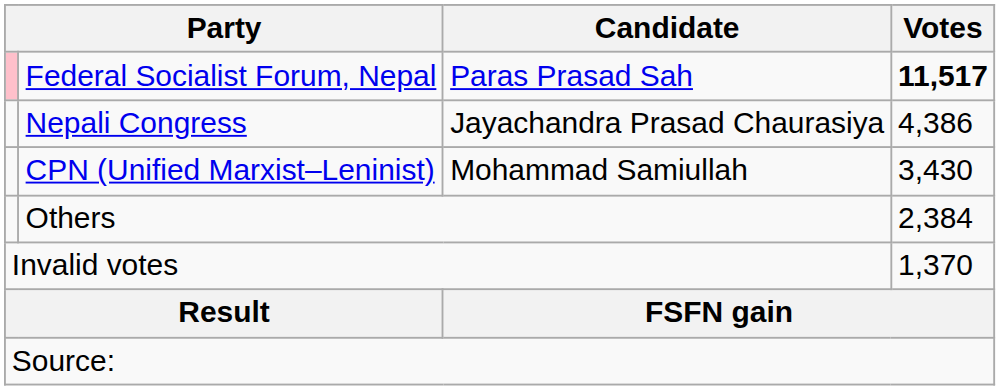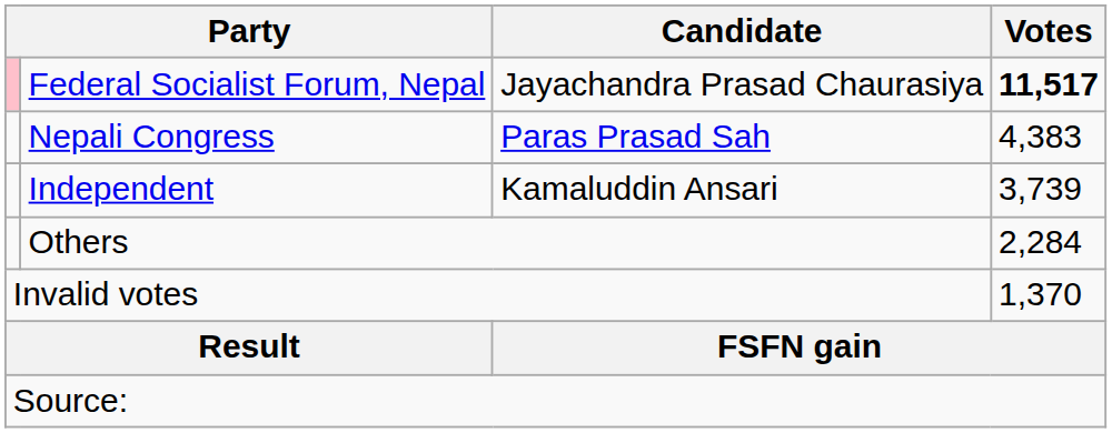 <table class="wikitable">
 <tr>
 <th colspan="2">Party</th>
 <th>Candidate</th>
 <th>Votes</th>
 </tr>
 <tr>
 <td style="background-color:pink"></td>
 <td><a href='#'>Federal Socialist Forum, Nepal</a></td>
-<td><a href='#'>Paras Prasad Sah</a></td>
+<td>Jayachandra Prasad Chaurasiya</td>
 <td><strong>11,517</strong></td>
 </tr>
 <tr>
 <td style="background-color:"></td>
 <td><a href='#'>Nepali Congress</a></td>
-<td>Jayachandra Prasad Chaurasiya</td>
-<td>4,386</td>
+<td><a href='#'>Paras Prasad Sah</a></td>
+<td>4,383</td>
 </tr>
 <tr>
 <td style="background-color:"></td>
-<td><a href='#'>CPN (Unified Marxist–Leninist)</a></td>
-<td>Mohammad Samiullah</td>
-<td>3,430</td>
+<td><a href='#'>Independent</a></td>
+<td>Kamaluddin Ansari</td>
+<td>3,739</td>
 </tr>
 <tr>
 <td></td>
 <td colspan="2">Others</td>
-<td>2,384</td>
+<td>2,284</td>
 </tr>
 <tr>
 <td colspan="3">Invalid votes</td>
 <td>1,370</td>
 </tr>
 <tr>
 <th colspan="2">Result</th>
 <th colspan="2">FSFN gain</th>
 </tr>
 <tr>
 <td colspan="4">Source: </td>
 </tr>
 </table>
